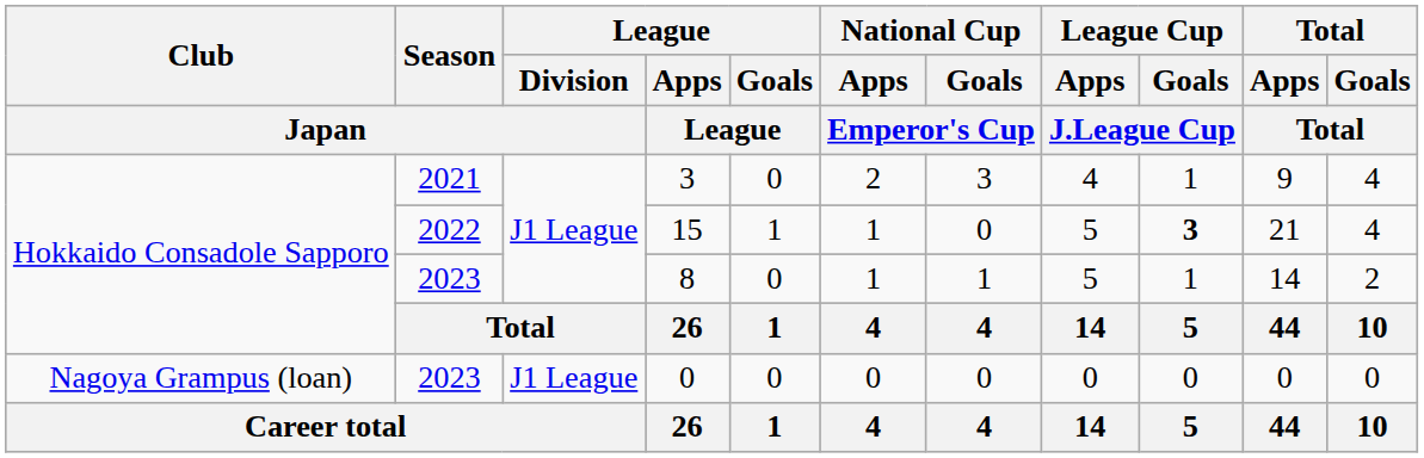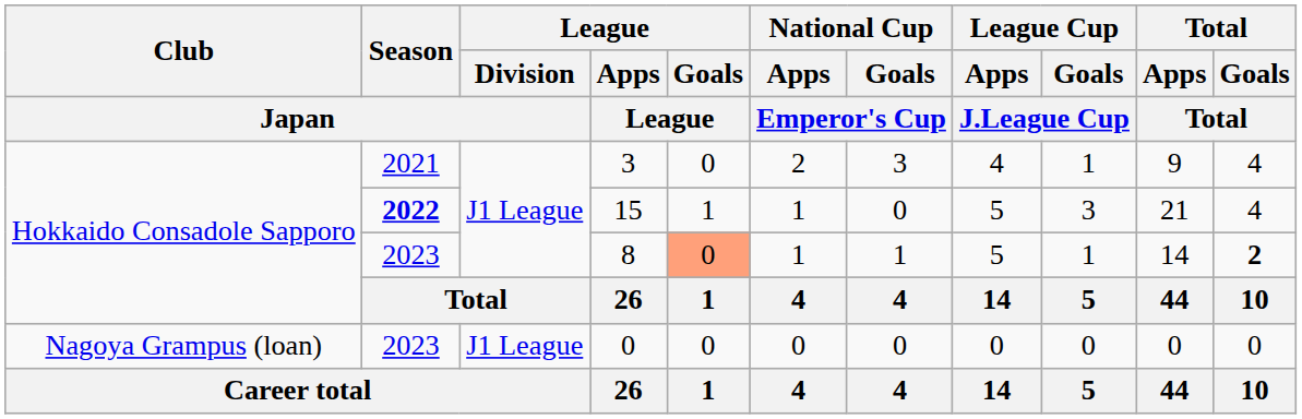 <table class="wikitable" style="text-align: center">
 <tr>
 <th rowspan="2">Club</th>
 <th rowspan="2">Season</th>
 <th colspan="3">League</th>
 <th colspan="2">National Cup</th>
 <th colspan="2">League Cup</th>
 <th colspan="2">Total</th>
 </tr>
 <tr>
 <th>Division</th>
 <th>Apps</th>
 <th>Goals</th>
 <th>Apps</th>
 <th>Goals</th>
 <th>Apps</th>
 <th>Goals</th>
 <th>Apps</th>
 <th>Goals</th>
 </tr>
 <tr>
 <th colspan=3>Japan</th>
 <th colspan=2>League</th>
 <th colspan=2><a href='#'>Emperor's Cup</a></th>
 <th colspan=2><a href='#'>J.League Cup</a></th>
 <th colspan=2>Total</th>
 </tr>
 <tr>
 <td rowspan="4"><a href='#'>Hokkaido Consadole Sapporo</a></td>
 <td><a href='#'>2021</a></td>
 <td rowspan="3"><a href='#'>J1 League</a></td>
 <td>3</td>
 <td>0</td>
 <td>2</td>
 <td>3</td>
 <td>4</td>
 <td>1</td>
 <td>9</td>
 <td>4</td>
 </tr>
 <tr>
-<td><a href='#'>2022</a></td>
+<td><strong><a href='#'>2022</a></strong></td>
 <td>15</td>
 <td>1</td>
 <td>1</td>
 <td>0</td>
 <td>5</td>
-<td><strong>3</strong></td>
+<td>3</td>
 <td>21</td>
 <td>4</td>
 </tr>
 <tr>
 <td><a href='#'>2023</a></td>
 <td>8</td>
-<td>0</td>
+<td style="background: lightsalmon;">0</td>
 <td>1</td>
 <td>1</td>
 <td>5</td>
 <td>1</td>
 <td>14</td>
-<td>2</td>
+<td><strong>2</strong></td>
 </tr>
 <tr>
 <th colspan="2">Total</th>
 <th>26</th>
 <th>1</th>
 <th>4</th>
 <th>4</th>
 <th>14</th>
 <th>5</th>
 <th>44</th>
 <th>10</th>
 </tr>
 <tr>
 <td><a href='#'>Nagoya Grampus</a> (loan)</td>
 <td><a href='#'>2023</a></td>
 <td><a href='#'>J1 League</a></td>
 <td>0</td>
 <td>0</td>
 <td>0</td>
 <td>0</td>
 <td>0</td>
 <td>0</td>
 <td>0</td>
 <td>0</td>
 </tr>
 <tr>
 <th colspan=3>Career total</th>
 <th>26</th>
 <th>1</th>
 <th>4</th>
 <th>4</th>
 <th>14</th>
 <th>5</th>
 <th>44</th>
 <th>10</th>
 </tr>
 </table>
